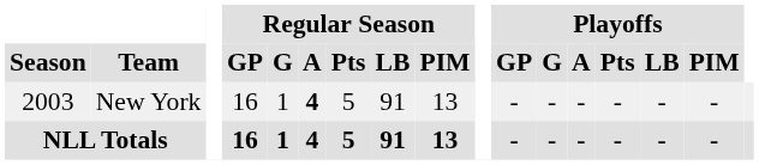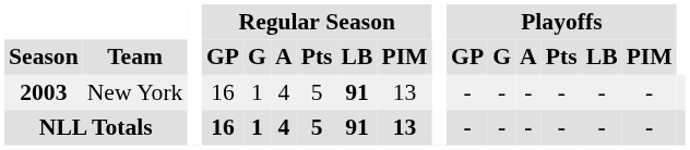 <table BORDER="0" CELLPADDING="3" CELLSPACING="0">
 <tr ALIGN="center" bgcolor="#e0e0e0">
 <th colspan="2" bgcolor="#ffffff"> </th>
 <th rowspan="99" bgcolor="#ffffff"> </th>
 <th colspan="6">Regular Season</th>
 <th rowspan="99" bgcolor="#ffffff"> </th>
 <th colspan="6">Playoffs</th>
 </tr>
 <tr ALIGN="center" bgcolor="#e0e0e0">
 <th>Season</th>
 <th>Team</th>
 <th>GP</th>
 <th>G</th>
 <th>A</th>
 <th>Pts</th>
 <th>LB</th>
 <th>PIM</th>
 <th>GP</th>
 <th>G</th>
 <th>A</th>
 <th>Pts</th>
 <th>LB</th>
 <th>PIM</th>
 </tr>
 <tr ALIGN="center" bgcolor="#f0f0f0">
-<td>2003</td>
+<td><strong>2003</strong></td>
 <td>New York</td>
 <td>16</td>
 <td>1</td>
-<td><strong>4</strong></td>
+<td>4</td>
 <td>5</td>
-<td>91</td>
+<td><strong>91</strong></td>
 <td>13</td>
 <td>-</td>
 <td>-</td>
 <td>-</td>
 <td>-</td>
 <td>-</td>
 <td>-</td>
 <td></td>
 </tr>
 <tr ALIGN="center" bgcolor="#e0e0e0">
 <th colspan="2">NLL Totals</th>
 <th>16</th>
 <th>1</th>
 <th>4</th>
 <th>5</th>
 <th>91</th>
 <th>13</th>
 <th>-</th>
 <th>-</th>
 <th>-</th>
 <th>-</th>
 <th>-</th>
 <th>-</th>
 <th></th>
 </tr>
 </table>
